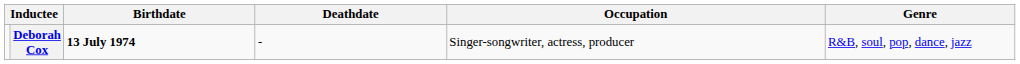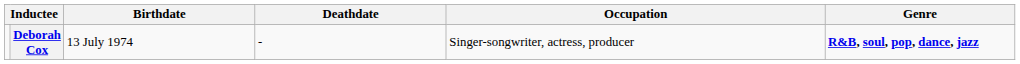 <table class="wikitable" width="100%">
 <tr>
 <th colspan=2>Inductee</th>
 <th width="20%">Birthdate</th>
 <th width="20%">Deathdate</th>
 <th width="40%">Occupation</th>
 <th width="40%">Genre</th>
 </tr>
 <tr>
 <td></td>
 <th><a href='#'>Deborah Cox</a></th>
-<td><strong>13 July 1974</strong></td>
+<td>13 July 1974</td>
 <td>-</td>
 <td>Singer-songwriter, actress, producer</td>
-<td><a href='#'>R&B</a>, <a href='#'>soul</a>, <a href='#'>pop</a>, <a href='#'>dance</a>, <a href='#'>jazz</a></td>
+<td><strong><a href='#'>R&B</a>, <a href='#'>soul</a>, <a href='#'>pop</a>, <a href='#'>dance</a>, <a href='#'>jazz</a></strong></td>
 </tr>
 </table>
